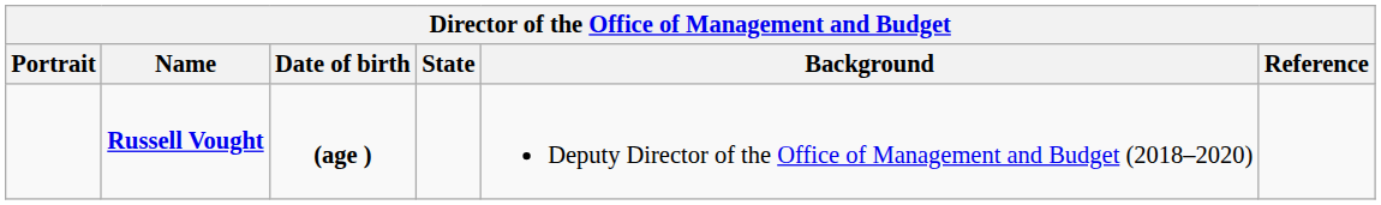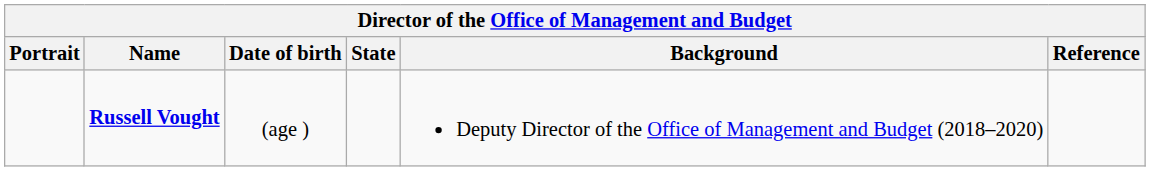 <table class="wikitable collapsible" style="text-align:center;">
 <tr>
 <th colspan="6">Director of the <a href='#'>Office of Management and Budget</a></th>
 </tr>
 <tr>
 <th>Portrait</th>
 <th>Name</th>
 <th>Date of birth</th>
 <th>State</th>
 <th>Background</th>
 <th>Reference</th>
 </tr>
 <tr>
 <td></td>
 <td><strong><a href='#'>Russell Vought</a></strong></td>
-<td><strong><br>(age )</strong></td>
+<td><br>(age )</td>
 <td></td>
 <td><br><ul><li>Deputy Director of the <a href='#'>Office of Management and Budget</a> (2018–2020)</li></ul></td>
 <td></td>
 </tr>
 </table>
